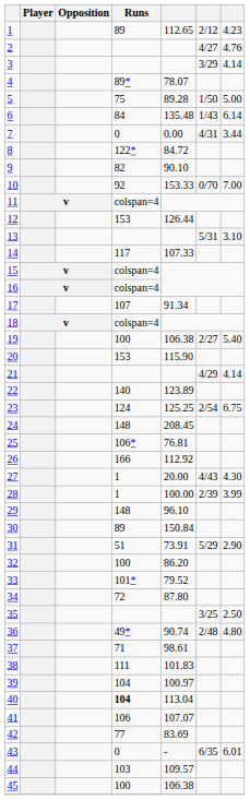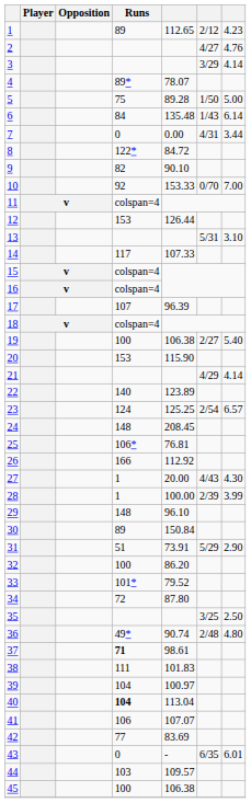 <table class="wikitable sortable">
 <tr>
 <th scope=col></th>
 <th>Player</th>
 <th>Opposition</th>
 <th>Runs</th>
 <th></th>
 <th></th>
 <th></th>
 </tr>
 <tr>
 <td><a href='#'>1</a></td>
 <th scope=row></th>
 <td></td>
 <td>89</td>
 <td>112.65</td>
 <td>2/12</td>
 <td>4.23</td>
 </tr>
 <tr>
 <td><a href='#'>2</a></td>
 <th scope=row></th>
 <td></td>
 <td></td>
 <td></td>
 <td>4/27</td>
 <td>4.76</td>
 </tr>
 <tr>
 <td><a href='#'>3</a></td>
 <th scope=row></th>
 <td></td>
 <td></td>
 <td></td>
 <td>3/29</td>
 <td>4.14</td>
 </tr>
 <tr>
 <td><a href='#'>4</a></td>
 <th scope=row></th>
 <td></td>
 <td>89<a href='#'>*</a></td>
 <td>78.07</td>
 <td></td>
 <td></td>
 </tr>
 <tr>
 <td><a href='#'>5</a></td>
 <th scope=row></th>
 <td></td>
 <td>75</td>
 <td>89.28</td>
 <td>1/50</td>
 <td>5.00</td>
 </tr>
 <tr>
 <td><a href='#'>6</a></td>
 <th scope=row></th>
 <td></td>
 <td>84</td>
 <td>135.48</td>
 <td>1/43</td>
 <td>6.14</td>
 </tr>
 <tr>
 <td><a href='#'>7</a></td>
 <th scope=row></th>
 <td></td>
 <td>0</td>
 <td>0.00</td>
 <td>4/31</td>
 <td>3.44</td>
 </tr>
 <tr>
 <td><a href='#'>8</a></td>
 <th scope=row></th>
 <td></td>
 <td>122<a href='#'>*</a></td>
 <td>84.72</td>
 <td></td>
 <td></td>
 </tr>
 <tr>
 <td><a href='#'>9</a></td>
 <th scope=row></th>
 <td></td>
 <td>82</td>
 <td>90.10</td>
 <td></td>
 <td></td>
 </tr>
 <tr>
 <td><a href='#'>10</a></td>
 <th scope=row></th>
 <td></td>
 <td>92</td>
 <td>153.33</td>
 <td>0/70</td>
 <td>7.00</td>
 </tr>
 <tr>
 <td><a href='#'>11</a></td>
 <th scope=row colspan =2> v </th>
 <td>colspan=4 </td>
 </tr>
 <tr>
 <td><a href='#'>12</a></td>
 <th scope=row></th>
 <td></td>
 <td>153</td>
 <td>126.44</td>
 <td></td>
 <td></td>
 </tr>
 <tr>
 <td><a href='#'>13</a></td>
 <th scope=row></th>
 <td></td>
 <td></td>
 <td></td>
 <td>5/31</td>
 <td>3.10</td>
 </tr>
 <tr>
 <td><a href='#'>14</a></td>
 <th scope=row></th>
 <td></td>
 <td>117</td>
 <td>107.33</td>
 <td></td>
 <td></td>
 </tr>
 <tr>
 <td><a href='#'>15</a></td>
 <th scope=row colspan =2> v </th>
 <td>colspan=4 </td>
 </tr>
 <tr>
 <td><a href='#'>16</a></td>
 <th scope=row colspan =2> v </th>
 <td>colspan=4 </td>
 </tr>
 <tr>
 <td><a href='#'>17</a></td>
 <th scope=row></th>
 <td></td>
 <td>107</td>
-<td>91.34</td>
+<td>96.39</td>
 <td></td>
 <td></td>
 </tr>
 <tr>
 <td><a href='#'>18</a></td>
 <th scope=row colspan =2> v </th>
 <td>colspan=4 </td>
 </tr>
 <tr>
 <td><a href='#'>19</a></td>
 <th scope=row></th>
 <td></td>
 <td>100</td>
 <td>106.38</td>
 <td>2/27</td>
 <td>5.40</td>
 </tr>
 <tr>
 <td><a href='#'>20</a></td>
 <th scope=row></th>
 <td></td>
 <td>153</td>
 <td>115.90</td>
 <td></td>
 <td></td>
 </tr>
 <tr>
 <td><a href='#'>21</a></td>
 <th scope=row></th>
 <td></td>
 <td></td>
 <td></td>
 <td>4/29</td>
 <td>4.14</td>
 </tr>
 <tr>
 <td><a href='#'>22</a></td>
 <th scope=row></th>
 <td></td>
 <td>140</td>
 <td>123.89</td>
 <td></td>
 <td></td>
 </tr>
 <tr>
 <td><a href='#'>23</a></td>
 <th scope=row></th>
 <td></td>
 <td>124</td>
 <td>125.25</td>
 <td>2/54</td>
-<td>6.75</td>
+<td>6.57</td>
 </tr>
 <tr>
 <td><a href='#'>24</a></td>
 <th scope=row></th>
 <td></td>
 <td>148</td>
 <td>208.45</td>
 <td></td>
 <td></td>
 </tr>
 <tr>
 <td><a href='#'>25</a></td>
 <th scope=row></th>
 <td></td>
 <td>106<a href='#'>*</a></td>
 <td>76.81</td>
 <td></td>
 <td></td>
 </tr>
 <tr>
 <td><a href='#'>26</a></td>
 <th scope=row></th>
 <td></td>
 <td>166</td>
 <td>112.92</td>
 <td></td>
 <td></td>
 </tr>
 <tr>
 <td><a href='#'>27</a></td>
 <th scope=row></th>
 <td></td>
 <td>1</td>
 <td>20.00</td>
 <td>4/43</td>
 <td>4.30</td>
 </tr>
 <tr>
 <td><a href='#'>28</a></td>
 <th scope=row></th>
 <td></td>
 <td>1</td>
 <td>100.00</td>
 <td>2/39</td>
 <td>3.99</td>
 </tr>
 <tr>
 <td><a href='#'>29</a></td>
 <th scope=row></th>
 <td></td>
 <td>148</td>
 <td>96.10</td>
 <td></td>
 <td></td>
 </tr>
 <tr>
 <td><a href='#'>30</a></td>
 <th scope=row></th>
 <td></td>
 <td>89</td>
 <td>150.84</td>
 <td></td>
 <td></td>
 </tr>
 <tr>
 <td><a href='#'>31</a></td>
 <th scope=row></th>
 <td></td>
 <td>51</td>
 <td>73.91</td>
 <td>5/29</td>
 <td>2.90</td>
 </tr>
 <tr>
 <td><a href='#'>32</a></td>
 <th scope=row></th>
 <td></td>
 <td>100</td>
 <td>86.20</td>
 <td></td>
 <td></td>
 </tr>
 <tr>
 <td><a href='#'>33</a></td>
 <th scope=row></th>
 <td></td>
 <td>101<a href='#'>*</a></td>
 <td>79.52</td>
 <td></td>
 <td></td>
 </tr>
 <tr>
 <td><a href='#'>34</a></td>
 <th scope=row></th>
 <td></td>
 <td>72</td>
 <td>87.80</td>
 <td></td>
 <td></td>
 </tr>
 <tr>
 <td><a href='#'>35</a></td>
 <th scope=row></th>
 <td></td>
 <td></td>
 <td></td>
 <td>3/25</td>
 <td>2.50</td>
 </tr>
 <tr>
 <td><a href='#'>36</a></td>
 <th scope=row></th>
 <td></td>
 <td>49<a href='#'>*</a></td>
 <td>90.74</td>
 <td>2/48</td>
 <td>4.80</td>
 </tr>
 <tr>
 <td><a href='#'>37</a></td>
 <th scope=row></th>
 <td></td>
-<td>71</td>
+<td><strong>71</strong></td>
 <td>98.61</td>
 <td></td>
 <td></td>
 </tr>
 <tr>
 <td><a href='#'>38</a></td>
 <th scope=row></th>
 <td></td>
 <td>111</td>
 <td>101.83</td>
 <td></td>
 <td></td>
 </tr>
 <tr>
 <td><a href='#'>39</a></td>
 <th scope=row></th>
 <td></td>
 <td>104</td>
 <td>100.97</td>
 <td></td>
 <td></td>
 </tr>
 <tr>
 <td><a href='#'>40</a></td>
 <th scope=row></th>
 <td></td>
 <td><strong>104</strong></td>
 <td>113.04</td>
 <td></td>
 <td></td>
 </tr>
 <tr>
 <td><a href='#'>41</a></td>
 <th scope=row></th>
 <td></td>
 <td>106</td>
 <td>107.07</td>
 <td></td>
 <td></td>
 </tr>
 <tr>
 <td><a href='#'>42</a></td>
 <th scope=row></th>
 <td></td>
 <td>77</td>
 <td>83.69</td>
 <td></td>
 <td></td>
 </tr>
 <tr>
 <td><a href='#'>43</a></td>
 <th scope=row></th>
 <td></td>
 <td>0</td>
 <td>-</td>
 <td>6/35</td>
 <td>6.01</td>
 </tr>
 <tr>
 <td><a href='#'>44</a></td>
 <th scope=row></th>
 <td></td>
 <td>103</td>
 <td>109.57</td>
 <td></td>
 <td></td>
 </tr>
 <tr>
 <td><a href='#'>45</a></td>
 <th scope=row></th>
 <td></td>
 <td>100</td>
 <td>106.38</td>
 <td></td>
 <td></td>
 </tr>
 <tr>
 </tr>
 </table>
